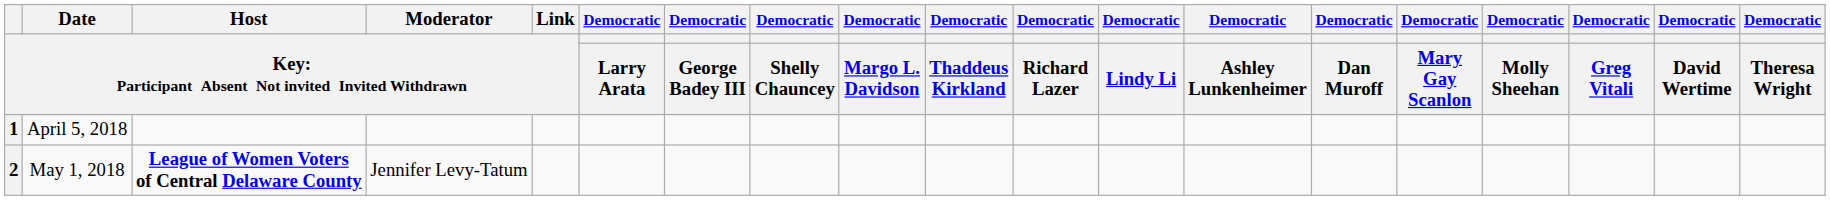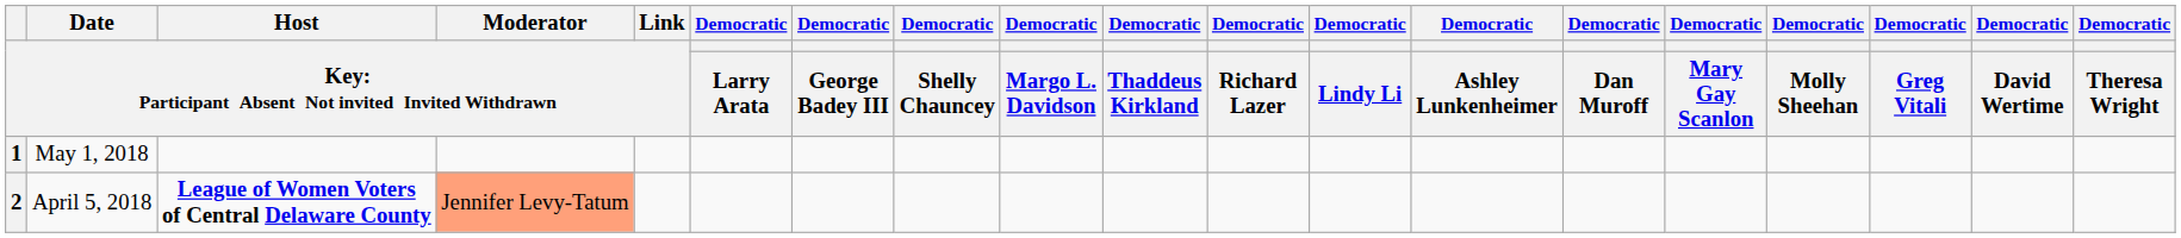 <table class="wikitable" style="text-align:center;">
 <tr>
 <th scope="col"></th>
 <th scope="col">Date</th>
 <th scope="col">Host</th>
 <th scope="col">Moderator</th>
 <th scope="col">Link</th>
 <th scope="col"><small><a href='#'>Democratic</a></small></th>
 <th scope="col"><small><a href='#'>Democratic</a></small></th>
 <th scope="col"><small><a href='#'>Democratic</a></small></th>
 <th scope="col"><small><a href='#'>Democratic</a></small></th>
 <th scope="col"><small><a href='#'>Democratic</a></small></th>
 <th scope="col"><small><a href='#'>Democratic</a></small></th>
 <th scope="col"><small><a href='#'>Democratic</a></small></th>
 <th scope="col"><small><a href='#'>Democratic</a></small></th>
 <th scope="col"><small><a href='#'>Democratic</a></small></th>
 <th scope="col"><small><a href='#'>Democratic</a></small></th>
 <th scope="col"><small><a href='#'>Democratic</a></small></th>
 <th scope="col"><small><a href='#'>Democratic</a></small></th>
 <th scope="col"><small><a href='#'>Democratic</a></small></th>
 <th scope="col"><small><a href='#'>Democratic</a></small></th>
 </tr>
 <tr>
 <th colspan="5" rowspan="2">Key:<br> <small>Participant </small>  <small>Absent </small>  <small>Not invited </small>  <small>Invited  Withdrawn</small></th>
 <th scope="col" style="background:"></th>
 <th scope="col" style="background:"></th>
 <th scope="col" style="background:"></th>
 <th scope="col" style="background:"></th>
 <th scope="col" style="background:"></th>
 <th scope="col" style="background:"></th>
 <th scope="col" style="background:"></th>
 <th scope="col" style="background:"></th>
 <th scope="col" style="background:"></th>
 <th scope="col" style="background:"></th>
 <th scope="col" style="background:"></th>
 <th scope="col" style="background:"></th>
 <th scope="col" style="background:"></th>
 <th scope="col" style="background:"></th>
 </tr>
 <tr>
 <th scope="col">Larry Arata</th>
 <th scope="col">George Badey III</th>
 <th scope="col">Shelly Chauncey</th>
 <th scope="col"><a href='#'>Margo L. Davidson</a></th>
 <th scope="col"><a href='#'>Thaddeus Kirkland</a></th>
 <th scope="col">Richard Lazer</th>
 <th scope="col"><a href='#'>Lindy Li</a></th>
 <th scope="col">Ashley Lunkenheimer</th>
 <th scope="col">Dan Muroff</th>
 <th scope="col"><a href='#'>Mary Gay Scanlon</a></th>
 <th scope="col">Molly Sheehan</th>
 <th scope="col"><a href='#'>Greg Vitali</a></th>
 <th scope="col">David Wertime</th>
 <th scope="col">Theresa Wright</th>
 </tr>
 <tr>
 <th>1</th>
-<td style="white-space:nowrap;">April 5, 2018</td>
+<td style="white-space:nowrap;">May 1, 2018</td>
 <td style="white-space:nowrap;"></td>
 <td style="white-space:nowrap;"></td>
 <td style="white-space:nowrap;"></td>
 <td></td>
 <td></td>
 <td></td>
 <td></td>
 <td></td>
 <td></td>
 <td></td>
 <td></td>
 <td></td>
 <td></td>
 <td></td>
 <td></td>
 <td></td>
 <td></td>
 </tr>
 <tr>
 <th>2</th>
-<td style="white-space:nowrap;">May 1, 2018</td>
+<td style="white-space:nowrap;">April 5, 2018</td>
 <td style="white-space:nowrap;"><strong><a href='#'>League of Women Voters</a><br>of Central <a href='#'>Delaware County</a></strong></td>
-<td style="white-space:nowrap;">Jennifer Levy-Tatum</td>
+<td style="background: lightsalmon; white-space:nowrap;">Jennifer Levy-Tatum</td>
 <td style="white-space:nowrap;"></td>
 <td></td>
 <td></td>
 <td></td>
 <td></td>
 <td></td>
 <td></td>
 <td></td>
 <td></td>
 <td></td>
 <td></td>
 <td></td>
 <td></td>
 <td></td>
 <td></td>
 </tr>
 </table>
